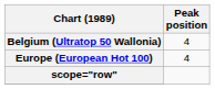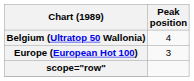 <table class="wikitable sortable plainrowheaders">
 <tr>
 <th>Chart (1989)</th>
 <th>Peak<br>position</th>
 </tr>
 <tr>
 <th scope="row">Belgium (<a href='#'>Ultratop 50</a> Wallonia)</th>
 <td align="center">4</td>
 </tr>
 <tr>
 <th scope="row">Europe (<a href='#'>European Hot 100</a>)</th>
-<td align="center">4</td>
+<td align="center">3</td>
 </tr>
 <tr>
 <th>scope="row"</th>
 </tr>
 <tr>
 </tr>
 </table>
